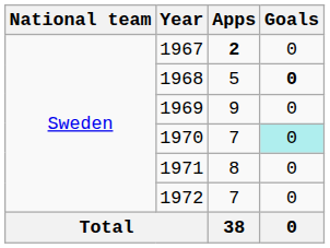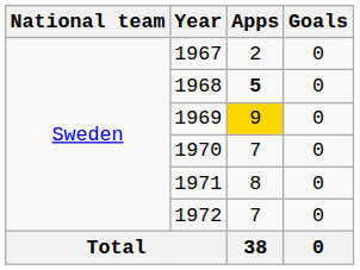 <table class="wikitable" style="text-align:center">
 <tr>
 <th>National team</th>
 <th>Year</th>
 <th>Apps</th>
 <th>Goals</th>
 </tr>
 <tr>
 <td rowspan="6"><a href='#'>Sweden</a></td>
 <td>1967</td>
-<td><strong>2</strong></td>
+<td>2</td>
 <td>0</td>
 </tr>
 <tr>
 <td>1968</td>
-<td>5</td>
-<td><strong>0</strong></td>
+<td><strong>5</strong></td>
+<td>0</td>
 </tr>
 <tr>
 <td>1969</td>
-<td>9</td>
+<td style="background: gold;">9</td>
 <td>0</td>
 </tr>
 <tr>
 <td>1970</td>
 <td>7</td>
-<td style="background: paleturquoise;">0</td>
+<td>0</td>
 </tr>
 <tr>
 <td>1971</td>
 <td>8</td>
 <td>0</td>
 </tr>
 <tr>
 <td>1972</td>
 <td>7</td>
 <td>0</td>
 </tr>
 <tr>
 <th colspan="2">Total</th>
 <th>38</th>
 <th>0</th>
 </tr>
 </table>
